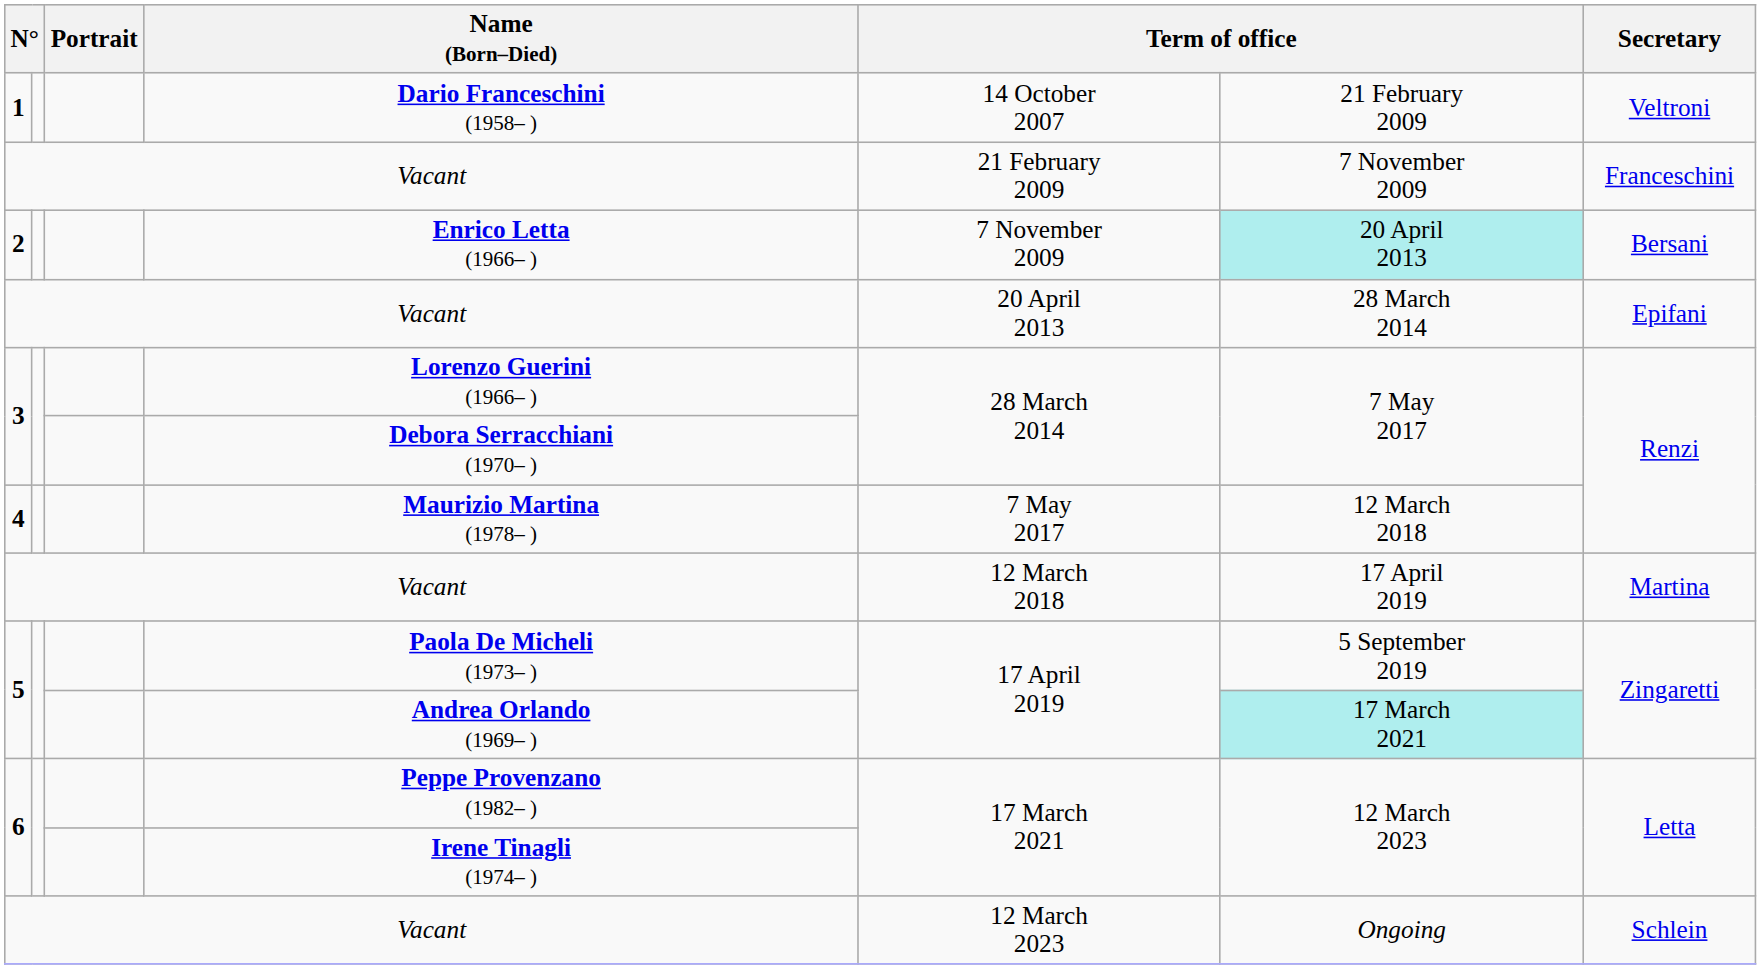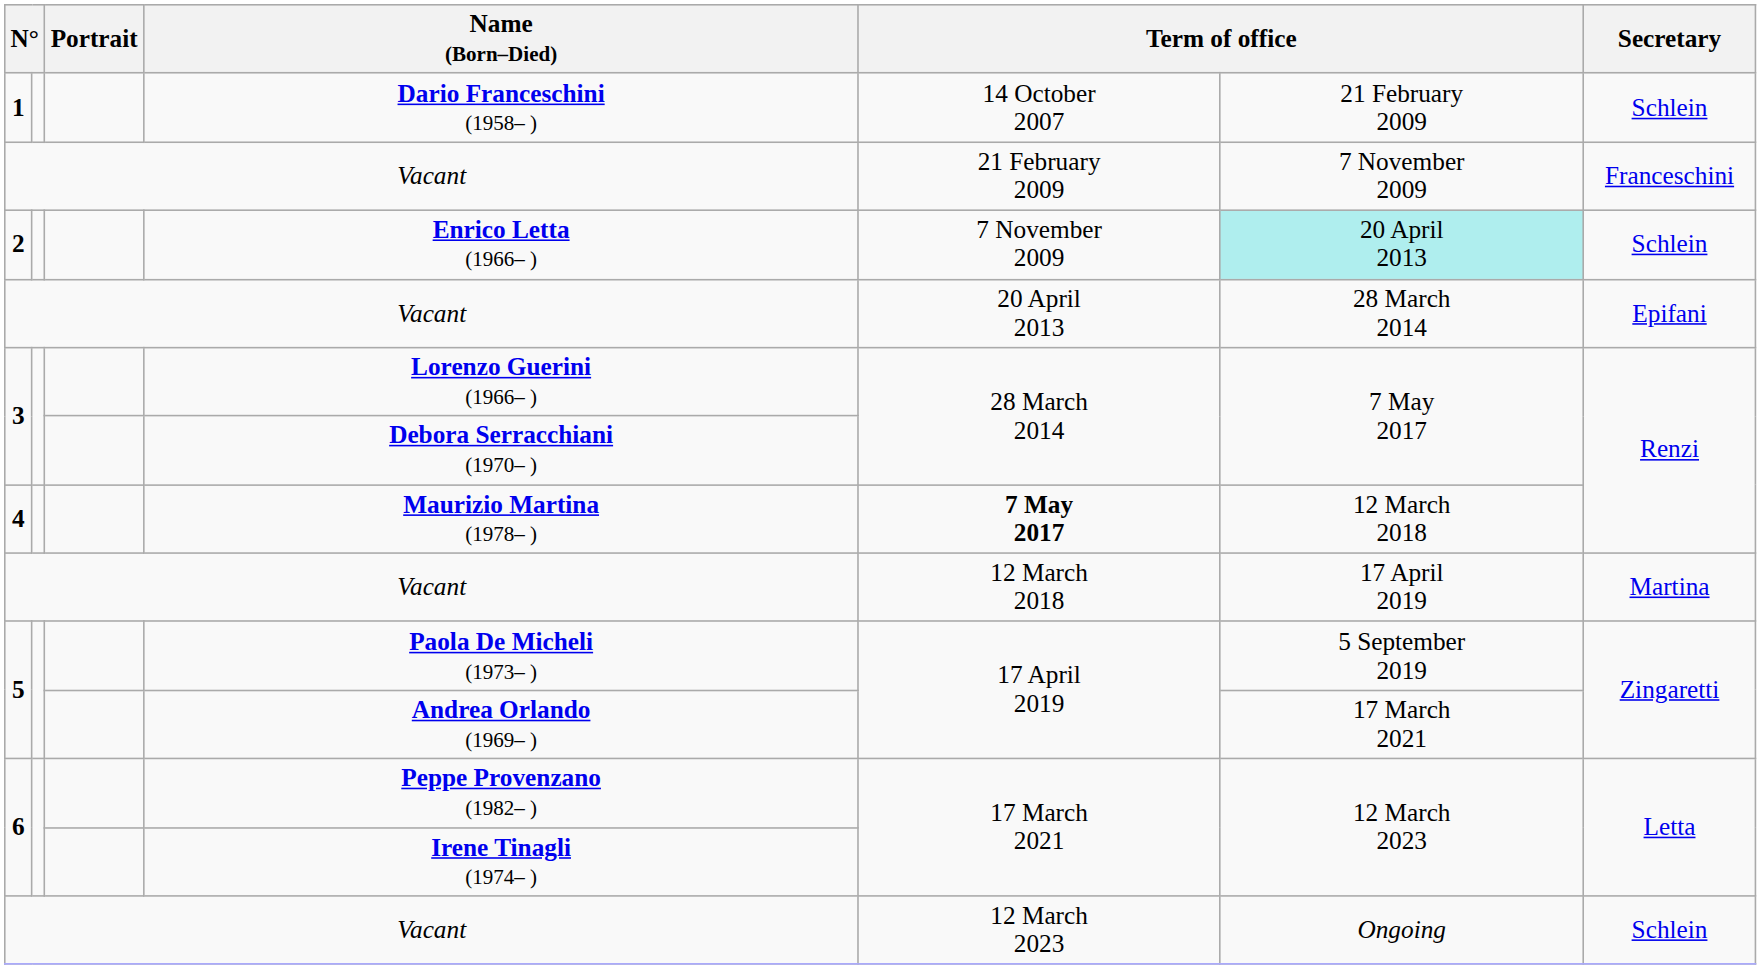 <table class="wikitable" style="text-align:center; width:70%; border:1px #AAAAFF solid">
 <tr>
 <th colspan="2">N°</th>
 <th width=85px>Portrait</th>
 <th width=45%>Name<br><small>(Born–Died)</small></th>
 <th width=45% colspan=2>Term of office</th>
 <th width=15%>Secretary</th>
 </tr>
 <tr>
 <td><strong>1</strong></td>
 <td style="background: "></td>
 <td></td>
 <td><strong><a href='#'>Dario Franceschini</a></strong><br><small>(1958– )</small></td>
 <td>14 October<br>2007</td>
 <td>21 February<br>2009</td>
-<td><a href='#'>Veltroni</a></td>
+<td><a href='#'>Schlein</a></td>
 </tr>
 <tr>
 <td colspan=4><em>Vacant</em></td>
 <td>21 February<br>2009</td>
 <td>7 November<br>2009</td>
 <td><a href='#'>Franceschini</a></td>
 </tr>
 <tr>
 <td><strong>2</strong></td>
 <td style="background: "></td>
 <td></td>
 <td><strong><a href='#'>Enrico Letta</a></strong><br><small>(1966– )</small></td>
 <td>7 November<br>2009</td>
 <td style="background: paleturquoise;">20 April<br>2013</td>
-<td><a href='#'>Bersani</a></td>
+<td><a href='#'>Schlein</a></td>
 </tr>
 <tr>
 <td colspan=4><em>Vacant</em></td>
 <td>20 April<br> 2013</td>
 <td>28 March<br> 2014</td>
 <td><a href='#'>Epifani</a></td>
 </tr>
 <tr>
 <td rowspan=2><strong>3</strong></td>
 <td rowspan=2 style="background: "></td>
 <td></td>
 <td><strong><a href='#'>Lorenzo Guerini</a></strong><br><small>(1966– )</small></td>
 <td rowspan=2>28 March<br> 2014</td>
 <td rowspan=2>7 May<br> 2017</td>
 <td rowspan=3><a href='#'>Renzi</a></td>
 </tr>
 <tr>
 <td></td>
 <td><strong><a href='#'>Debora Serracchiani</a></strong><br><small>(1970– )</small></td>
 </tr>
 <tr>
 <td><strong>4</strong></td>
 <td style="background: "></td>
 <td></td>
 <td><strong><a href='#'>Maurizio Martina</a></strong><br><small>(1978– )</small></td>
-<td>7 May<br>2017</td>
+<td><strong>7 May<br>2017</strong></td>
 <td>12 March<br> 2018</td>
 </tr>
 <tr>
 <td colspan=4><em>Vacant</em></td>
 <td>12 March<br> 2018</td>
 <td>17 April<br> 2019</td>
 <td><a href='#'>Martina</a></td>
 </tr>
 <tr>
 <td rowspan=2><strong>5</strong></td>
 <td rowspan=2 style="background: "></td>
 <td></td>
 <td><strong><a href='#'>Paola De Micheli</a></strong><br><small>(1973– )</small></td>
 <td rowspan=2>17 April<br> 2019</td>
 <td>5 September<br> 2019</td>
 <td rowspan=2><a href='#'>Zingaretti</a></td>
 </tr>
 <tr>
 <td></td>
 <td><strong><a href='#'>Andrea Orlando</a></strong><br><small>(1969– )</small></td>
-<td style="background: paleturquoise;">17 March<br>2021</td>
+<td>17 March<br>2021</td>
 </tr>
 <tr>
 <td rowspan=2><strong>6</strong></td>
 <td rowspan=2 style="background: "></td>
 <td></td>
 <td><strong><a href='#'>Peppe Provenzano</a></strong><br><small>(1982– )</small></td>
 <td rowspan=2>17 March<br>2021</td>
 <td rowspan=2>12 March<br>2023</td>
 <td rowspan=2><a href='#'>Letta</a></td>
 </tr>
 <tr>
 <td></td>
 <td><strong><a href='#'>Irene Tinagli</a></strong><br><small>(1974– )</small></td>
 </tr>
 <tr>
 <td colspan=4><em>Vacant</em></td>
 <td>12 March<br>2023</td>
 <td><em>Ongoing</em></td>
 <td><a href='#'>Schlein</a></td>
 </tr>
 <tr>
 </tr>
 </table>
